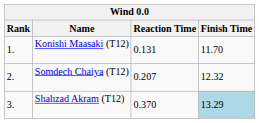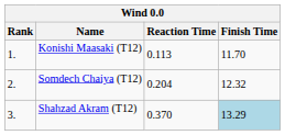 <table class="wikitable">
 <tr>
 <th colspan="4">Wind 0.0</th>
 </tr>
 <tr>
 <th>Rank</th>
 <th>Name</th>
 <th>Reaction Time</th>
 <th>Finish Time</th>
 </tr>
 <tr>
 <td>1.</td>
 <td><a href='#'>Konishi Maasaki</a> (T12)<br><br></td>
-<td>0.131</td>
+<td>0.113</td>
 <td>11.70</td>
 </tr>
 <tr>
 <td>2.</td>
 <td><a href='#'>Somdech Chaiya</a> (T12)<br><br> </td>
-<td>0.207</td>
+<td>0.204</td>
 <td>12.32</td>
 </tr>
 <tr>
 <td>3.</td>
 <td><a href='#'>Shahzad Akram</a> (T12)<br><br></td>
 <td>0.370</td>
 <td style="background: lightblue;">13.29</td>
 </tr>
 </table>
